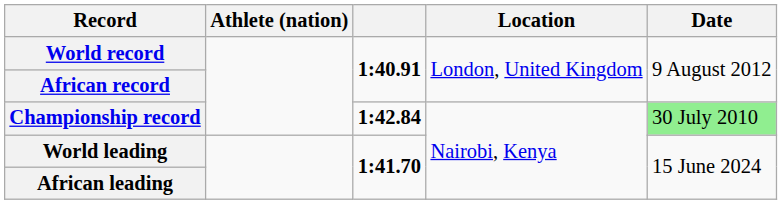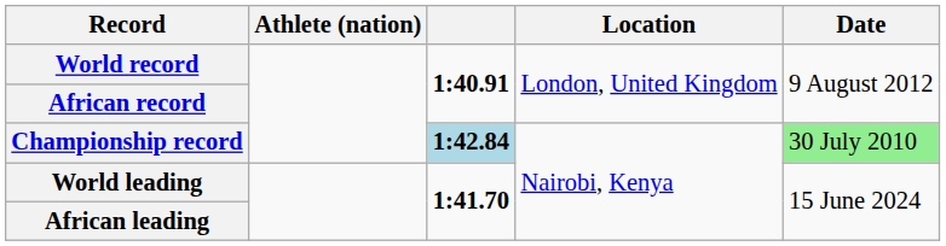 <table class="wikitable">
 <tr>
 <th scope="col">Record</th>
 <th scope="col">Athlete (nation)</th>
 <th scope="col"></th>
 <th scope="col">Location</th>
 <th scope="col">Date</th>
 </tr>
 <tr>
 <th scope="row"><a href='#'>World record</a></th>
 <td rowspan="3"></td>
 <td rowspan="2" align="center"><strong>1:40.91</strong></td>
 <td rowspan="2"><a href='#'>London</a>, <a href='#'>United Kingdom</a></td>
 <td rowspan="2">9 August 2012</td>
 </tr>
 <tr>
 <th scope="row"><a href='#'>African record</a></th>
 </tr>
 <tr>
 <th><a href='#'>Championship record</a></th>
-<td align="center"><strong>1:42.84</strong></td>
+<td align="center" style="background: lightblue;"><strong>1:42.84</strong></td>
 <td rowspan="3"><a href='#'>Nairobi</a>, <a href='#'>Kenya</a></td>
 <td style="background: lightgreen;">30 July 2010</td>
 </tr>
 <tr>
 <th scope="row">World leading</th>
 <td rowspan="2"></td>
 <td rowspan="2" align="center"><strong>1:41.70</strong></td>
 <td rowspan="2">15 June 2024</td>
 </tr>
 <tr>
 <th scope="row">African leading</th>
 </tr>
 </table>
